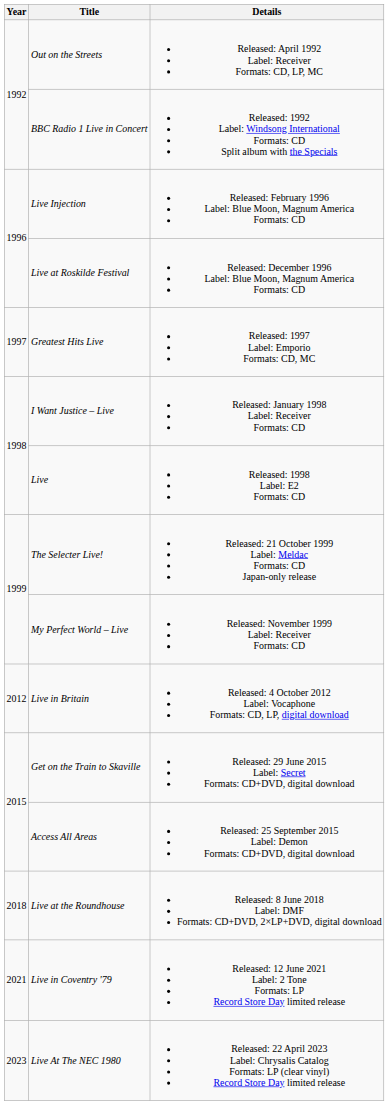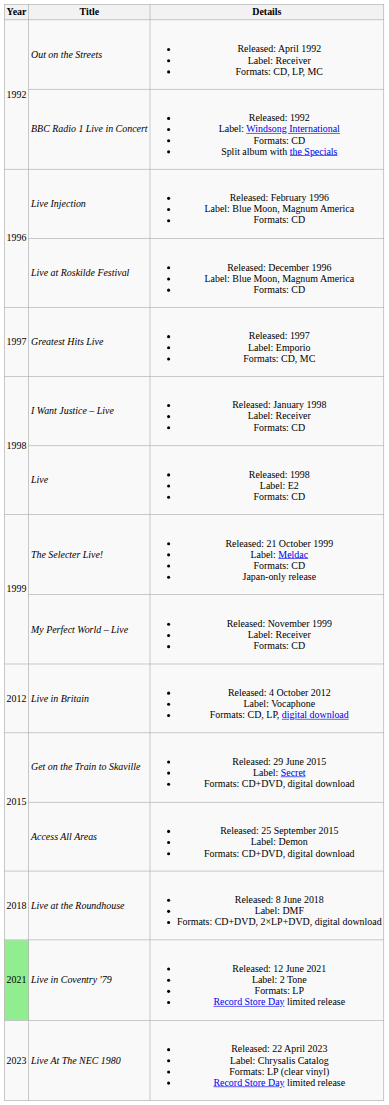 <table class="wikitable" style="text-align:center">
 <tr>
 <th>Year</th>
 <th>Title</th>
 <th>Details</th>
 </tr>
 <tr>
 <td rowspan="2">1992</td>
 <td align="left"><em>Out on the Streets</em></td>
 <td><br><ul><li>Released: April 1992</li><li>Label: Receiver</li><li>Formats: CD, LP, MC</li></ul></td>
 </tr>
 <tr>
 <td align="left"><em>BBC Radio 1 Live in Concert</em></td>
 <td><br><ul><li>Released: 1992</li><li>Label: <a href='#'>Windsong International</a></li><li>Formats: CD</li><li>Split album with <a href='#'>the Specials</a></li></ul></td>
 </tr>
 <tr>
 <td rowspan="2">1996</td>
 <td align="left"><em>Live Injection</em></td>
 <td><br><ul><li>Released: February 1996</li><li>Label: Blue Moon, Magnum America</li><li>Formats: CD</li></ul></td>
 </tr>
 <tr>
 <td align="left"><em>Live at Roskilde Festival</em></td>
 <td><br><ul><li>Released: December 1996</li><li>Label: Blue Moon, Magnum America</li><li>Formats: CD</li></ul></td>
 </tr>
 <tr>
 <td>1997</td>
 <td align="left"><em>Greatest Hits Live</em></td>
 <td><br><ul><li>Released: 1997</li><li>Label: Emporio</li><li>Formats: CD, MC</li></ul></td>
 </tr>
 <tr>
 <td rowspan="2">1998</td>
 <td align="left"><em>I Want Justice – Live</em></td>
 <td><br><ul><li>Released: January 1998</li><li>Label: Receiver</li><li>Formats: CD</li></ul></td>
 </tr>
 <tr>
 <td align="left"><em>Live</em></td>
 <td><br><ul><li>Released: 1998</li><li>Label: E2</li><li>Formats: CD</li></ul></td>
 </tr>
 <tr>
 <td rowspan="2">1999</td>
 <td align="left"><em>The Selecter Live!</em></td>
 <td><br><ul><li>Released: 21 October 1999</li><li>Label: <a href='#'>Meldac</a></li><li>Formats: CD</li><li>Japan-only release</li></ul></td>
 </tr>
 <tr>
 <td align="left"><em>My Perfect World – Live</em></td>
 <td><br><ul><li>Released: November 1999</li><li>Label: Receiver</li><li>Formats: CD</li></ul></td>
 </tr>
 <tr>
 <td>2012</td>
 <td align="left"><em>Live in Britain</em></td>
 <td><br><ul><li>Released: 4 October 2012</li><li>Label: Vocaphone</li><li>Formats: CD, LP, <a href='#'>digital download</a></li></ul></td>
 </tr>
 <tr>
 <td rowspan="2">2015</td>
 <td align="left"><em>Get on the Train to Skaville</em></td>
 <td><br><ul><li>Released: 29 June 2015</li><li>Label: <a href='#'>Secret</a></li><li>Formats: CD+DVD, digital download</li></ul></td>
 </tr>
 <tr>
 <td align="left"><em>Access All Areas</em></td>
 <td><br><ul><li>Released: 25 September 2015</li><li>Label: Demon</li><li>Formats: CD+DVD, digital download</li></ul></td>
 </tr>
 <tr>
 <td>2018</td>
 <td align="left"><em>Live at the Roundhouse</em></td>
 <td><br><ul><li>Released: 8 June 2018</li><li>Label: DMF</li><li>Formats: CD+DVD, 2×LP+DVD, digital download</li></ul></td>
 </tr>
 <tr>
-<td>2021</td>
+<td style="background: lightgreen;">2021</td>
 <td align="left"><em>Live in Coventry '79</em></td>
 <td><br><ul><li>Released: 12 June 2021</li><li>Label: 2 Tone</li><li>Formats: LP</li><li><a href='#'>Record Store Day</a> limited release</li></ul></td>
 </tr>
 <tr>
 <td>2023</td>
 <td align="left"><em>Live At The NEC 1980</em></td>
 <td><br><ul><li>Released: 22 April 2023</li><li>Label: Chrysalis Catalog</li><li>Formats: LP (clear vinyl)</li><li><a href='#'>Record Store Day</a> limited release</li></ul></td>
 </tr>
 </table>
